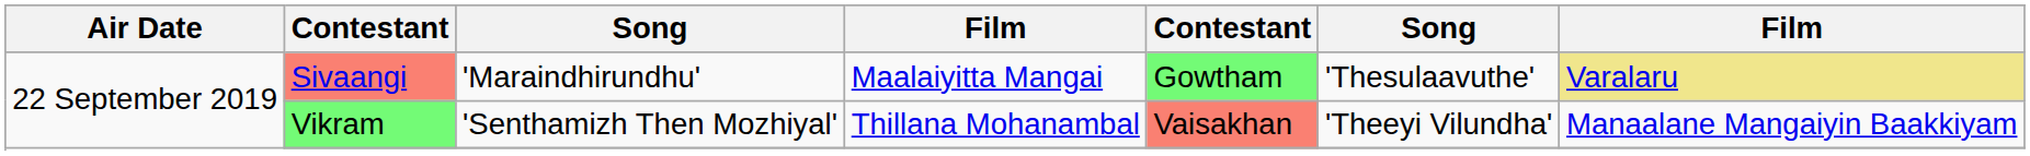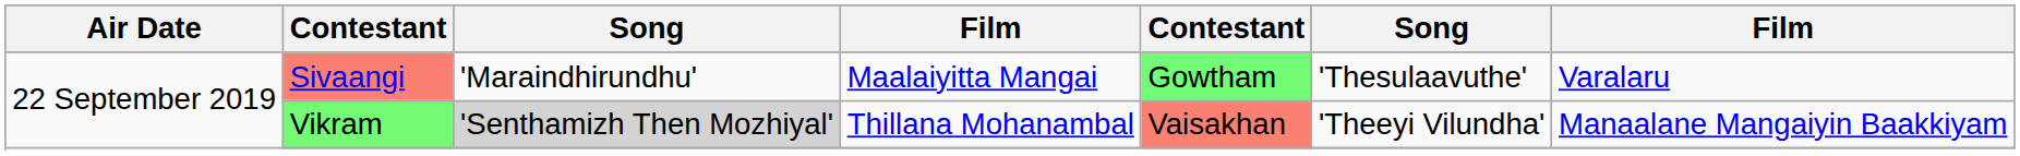 <table class="wikitable sortable">
 <tr>
 <th>Air Date</th>
 <th>Contestant</th>
 <th>Song</th>
 <th>Film</th>
 <th>Contestant</th>
 <th>Song</th>
 <th>Film</th>
 </tr>
 <tr>
 <td rowspan="3">22 September 2019</td>
 <td style="background:salmon"><a href='#'>Sivaangi</a></td>
 <td>'Maraindhirundhu'</td>
 <td><a href='#'>Maalaiyitta Mangai</a></td>
 <td style="background:#73FB76;">Gowtham</td>
 <td>'Thesulaavuthe'</td>
-<td style="background: khaki;"><a href='#'>Varalaru</a></td>
+<td><a href='#'>Varalaru</a></td>
 </tr>
 <tr>
 <td style="background:#73FB76;">Vikram</td>
-<td>'Senthamizh Then Mozhiyal'</td>
+<td style="background: lightgrey;">'Senthamizh Then Mozhiyal'</td>
 <td><a href='#'>Thillana Mohanambal</a></td>
 <td style="background:salmon">Vaisakhan</td>
 <td>'Theeyi Vilundha'</td>
 <td><a href='#'>Manaalane Mangaiyin Baakkiyam</a></td>
 </tr>
 <tr>
 </tr>
 </table>
